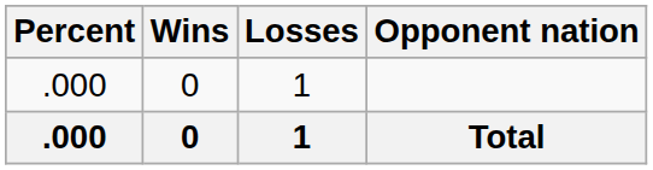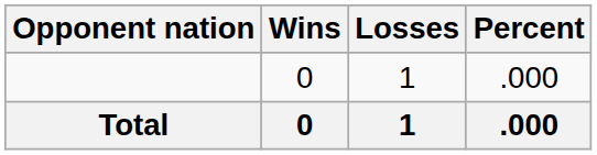 <table class=wikitable>
 <tr>
-<th>Percent</th>
+<th>Opponent nation</th>
 <th>Wins</th>
 <th>Losses</th>
-<th>Opponent nation</th>
+<th>Percent</th>
 </tr>
 <tr align=center>
-<td>.000</td>
+<td align=left></td>
 <td>0</td>
 <td>1</td>
-<td align=left></td>
+<td>.000</td>
 </tr>
 <tr>
-<th>.000</th>
+<th>Total</th>
 <th>0</th>
 <th>1</th>
-<th>Total</th>
+<th>.000</th>
 </tr>
 </table>
